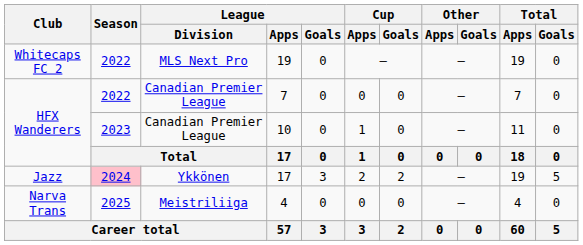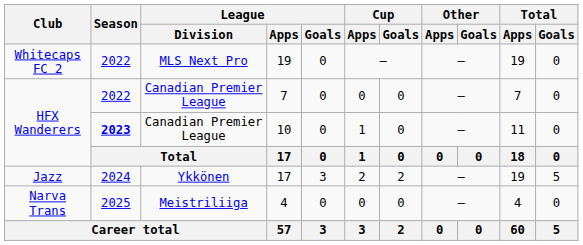 <table class="wikitable" style="text-align:center">
 <tr>
 <th rowspan="2">Club</th>
 <th rowspan="2">Season</th>
 <th colspan="3">League</th>
 <th colspan="2">Cup</th>
 <th colspan="2">Other</th>
 <th colspan="2">Total</th>
 </tr>
 <tr>
 <th>Division</th>
 <th>Apps</th>
 <th>Goals</th>
 <th>Apps</th>
 <th>Goals</th>
 <th>Apps</th>
 <th>Goals</th>
 <th>Apps</th>
 <th>Goals</th>
 </tr>
 <tr>
 <td><a href='#'>Whitecaps FC 2</a></td>
 <td><a href='#'>2022</a></td>
 <td><a href='#'>MLS Next Pro</a></td>
 <td>19</td>
 <td>0</td>
 <td colspan=2>–</td>
 <td colspan=2>–</td>
 <td>19</td>
 <td>0</td>
 </tr>
 <tr>
 <td rowspan=3><a href='#'>HFX Wanderers</a></td>
 <td><a href='#'>2022</a></td>
 <td><a href='#'>Canadian Premier League</a></td>
 <td>7</td>
 <td>0</td>
 <td>0</td>
 <td>0</td>
 <td colspan=2>–</td>
 <td>7</td>
 <td>0</td>
 </tr>
 <tr>
-<td><a href='#'>2023</a></td>
+<td><strong><a href='#'>2023</a></strong></td>
 <td>Canadian Premier League</td>
 <td>10</td>
 <td>0</td>
 <td>1</td>
 <td>0</td>
 <td colspan=2>–</td>
 <td>11</td>
 <td>0</td>
 </tr>
 <tr>
 <th colspan=2>Total</th>
 <th>17</th>
 <th>0</th>
 <th>1</th>
 <th>0</th>
 <th>0</th>
 <th>0</th>
 <th>18</th>
 <th>0</th>
 </tr>
 <tr>
 <td><a href='#'>Jazz</a></td>
-<td style="background: pink;"><a href='#'>2024</a></td>
+<td><a href='#'>2024</a></td>
 <td><a href='#'>Ykkönen</a></td>
 <td>17</td>
 <td>3</td>
 <td>2</td>
 <td>2</td>
 <td colspan=2>–</td>
 <td>19</td>
 <td>5</td>
 </tr>
 <tr>
 <td><a href='#'>Narva Trans</a></td>
 <td><a href='#'>2025</a></td>
 <td><a href='#'>Meistriliiga</a></td>
 <td>4</td>
 <td>0</td>
 <td>0</td>
 <td>0</td>
 <td colspan=2>–</td>
 <td>4</td>
 <td>0</td>
 </tr>
 <tr>
 <th colspan="3">Career total</th>
 <th>57</th>
 <th>3</th>
 <th>3</th>
 <th>2</th>
 <th>0</th>
 <th>0</th>
 <th>60</th>
 <th>5</th>
 </tr>
 </table>
